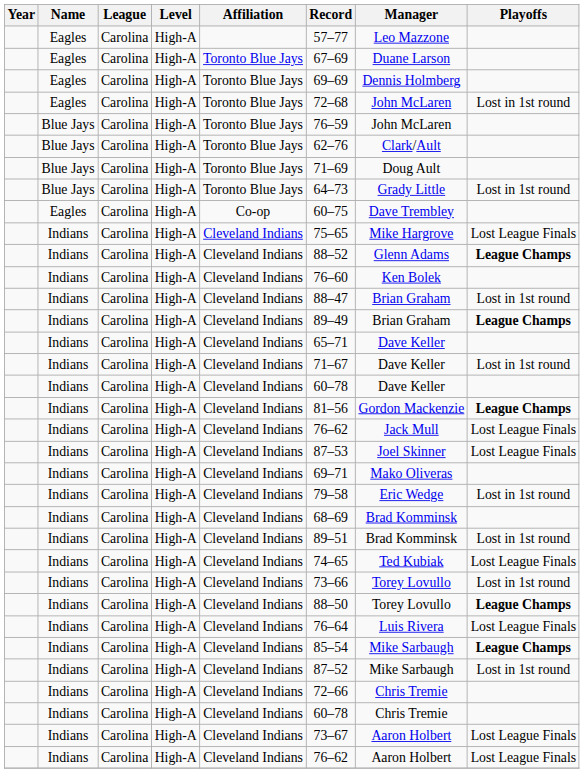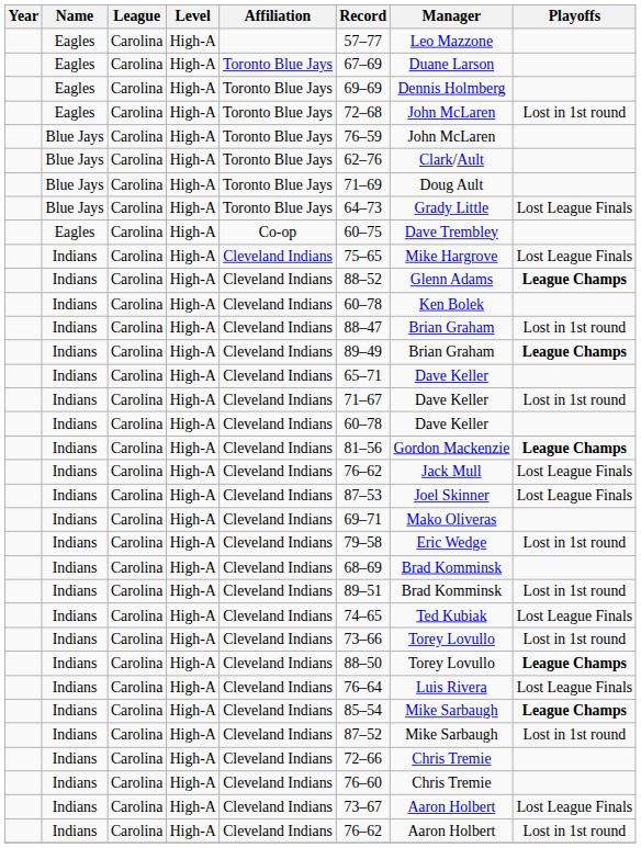 <table class="wikitable sortable">
 <tr style="background: #F2F2F2;">
 <th>Year</th>
 <th>Name</th>
 <th>League</th>
 <th>Level</th>
 <th>Affiliation</th>
 <th>Record</th>
 <th>Manager</th>
 <th>Playoffs</th>
 </tr>
 <tr align=center>
 <td></td>
 <td>Eagles</td>
 <td>Carolina</td>
 <td>High-A</td>
 <td></td>
 <td>57–77</td>
 <td><a href='#'>Leo Mazzone</a></td>
 <td></td>
 </tr>
 <tr align=center>
 <td></td>
 <td>Eagles</td>
 <td>Carolina</td>
 <td>High-A</td>
 <td><a href='#'>Toronto Blue Jays</a></td>
 <td>67–69</td>
 <td><a href='#'>Duane Larson</a></td>
 <td></td>
 </tr>
 <tr align=center>
 <td></td>
 <td>Eagles</td>
 <td>Carolina</td>
 <td>High-A</td>
 <td>Toronto Blue Jays</td>
 <td>69–69</td>
 <td><a href='#'>Dennis Holmberg</a></td>
 <td></td>
 </tr>
 <tr align=center>
 <td></td>
 <td>Eagles</td>
 <td>Carolina</td>
 <td>High-A</td>
 <td>Toronto Blue Jays</td>
 <td>72–68</td>
 <td><a href='#'>John McLaren</a></td>
 <td>Lost in 1st round</td>
 </tr>
 <tr align=center>
 <td></td>
 <td>Blue Jays</td>
 <td>Carolina</td>
 <td>High-A</td>
 <td>Toronto Blue Jays</td>
 <td>76–59</td>
 <td>John McLaren</td>
 <td></td>
 </tr>
 <tr align=center>
 <td></td>
 <td>Blue Jays</td>
 <td>Carolina</td>
 <td>High-A</td>
 <td>Toronto Blue Jays</td>
 <td>62–76</td>
 <td><a href='#'>Clark</a>/<a href='#'>Ault</a></td>
 <td></td>
 </tr>
 <tr align=center>
 <td></td>
 <td>Blue Jays</td>
 <td>Carolina</td>
 <td>High-A</td>
 <td>Toronto Blue Jays</td>
 <td>71–69</td>
 <td>Doug Ault</td>
 <td></td>
 </tr>
 <tr align=center>
 <td></td>
 <td>Blue Jays</td>
 <td>Carolina</td>
 <td>High-A</td>
 <td>Toronto Blue Jays</td>
 <td>64–73</td>
 <td><a href='#'>Grady Little</a></td>
-<td>Lost in 1st round</td>
+<td>Lost League Finals</td>
 </tr>
 <tr align=center>
 <td></td>
 <td>Eagles</td>
 <td>Carolina</td>
 <td>High-A</td>
 <td>Co-op</td>
 <td>60–75</td>
 <td><a href='#'>Dave Trembley</a></td>
 <td></td>
 </tr>
 <tr align=center>
 <td></td>
 <td>Indians</td>
 <td>Carolina</td>
 <td>High-A</td>
 <td><a href='#'>Cleveland Indians</a></td>
 <td>75–65</td>
 <td><a href='#'>Mike Hargrove</a></td>
 <td>Lost League Finals</td>
 </tr>
 <tr align=center>
 <td></td>
 <td>Indians</td>
 <td>Carolina</td>
 <td>High-A</td>
 <td>Cleveland Indians</td>
 <td>88–52</td>
 <td><a href='#'>Glenn Adams</a></td>
 <td><strong>League Champs</strong></td>
 </tr>
 <tr align=center>
 <td></td>
 <td>Indians</td>
 <td>Carolina</td>
 <td>High-A</td>
 <td>Cleveland Indians</td>
-<td>76–60</td>
+<td>60–78</td>
 <td><a href='#'>Ken Bolek</a></td>
 <td></td>
 </tr>
 <tr align=center>
 <td></td>
 <td>Indians</td>
 <td>Carolina</td>
 <td>High-A</td>
 <td>Cleveland Indians</td>
 <td>88–47</td>
 <td><a href='#'>Brian Graham</a></td>
 <td>Lost in 1st round</td>
 </tr>
 <tr align=center>
 <td></td>
 <td>Indians</td>
 <td>Carolina</td>
 <td>High-A</td>
 <td>Cleveland Indians</td>
 <td>89–49</td>
 <td>Brian Graham</td>
 <td><strong>League Champs</strong></td>
 </tr>
 <tr align=center>
 <td></td>
 <td>Indians</td>
 <td>Carolina</td>
 <td>High-A</td>
 <td>Cleveland Indians</td>
 <td>65–71</td>
 <td><a href='#'>Dave Keller</a></td>
 <td></td>
 </tr>
 <tr align=center>
 <td></td>
 <td>Indians</td>
 <td>Carolina</td>
 <td>High-A</td>
 <td>Cleveland Indians</td>
 <td>71–67</td>
 <td>Dave Keller</td>
 <td>Lost in 1st round</td>
 </tr>
 <tr align=center>
 <td></td>
 <td>Indians</td>
 <td>Carolina</td>
 <td>High-A</td>
 <td>Cleveland Indians</td>
 <td>60–78</td>
 <td>Dave Keller</td>
 <td></td>
 </tr>
 <tr align=center>
 <td></td>
 <td>Indians</td>
 <td>Carolina</td>
 <td>High-A</td>
 <td>Cleveland Indians</td>
 <td>81–56</td>
 <td><a href='#'>Gordon Mackenzie</a></td>
 <td><strong>League Champs</strong></td>
 </tr>
 <tr align=center>
 <td></td>
 <td>Indians</td>
 <td>Carolina</td>
 <td>High-A</td>
 <td>Cleveland Indians</td>
 <td>76–62</td>
 <td><a href='#'>Jack Mull</a></td>
 <td>Lost League Finals</td>
 </tr>
 <tr align=center>
 <td></td>
 <td>Indians</td>
 <td>Carolina</td>
 <td>High-A</td>
 <td>Cleveland Indians</td>
 <td>87–53</td>
 <td><a href='#'>Joel Skinner</a></td>
 <td>Lost League Finals</td>
 </tr>
 <tr align=center>
 <td></td>
 <td>Indians</td>
 <td>Carolina</td>
 <td>High-A</td>
 <td>Cleveland Indians</td>
 <td>69–71</td>
 <td><a href='#'>Mako Oliveras</a></td>
 <td></td>
 </tr>
 <tr align=center>
 <td></td>
 <td>Indians</td>
 <td>Carolina</td>
 <td>High-A</td>
 <td>Cleveland Indians</td>
 <td>79–58</td>
 <td><a href='#'>Eric Wedge</a></td>
 <td>Lost in 1st round</td>
 </tr>
 <tr align=center>
 <td></td>
 <td>Indians</td>
 <td>Carolina</td>
 <td>High-A</td>
 <td>Cleveland Indians</td>
 <td>68–69</td>
 <td><a href='#'>Brad Komminsk</a></td>
 <td></td>
 </tr>
 <tr align=center>
 <td></td>
 <td>Indians</td>
 <td>Carolina</td>
 <td>High-A</td>
 <td>Cleveland Indians</td>
 <td>89–51</td>
 <td>Brad Komminsk</td>
 <td>Lost in 1st round</td>
 </tr>
 <tr align=center>
 <td></td>
 <td>Indians</td>
 <td>Carolina</td>
 <td>High-A</td>
 <td>Cleveland Indians</td>
 <td>74–65</td>
 <td><a href='#'>Ted Kubiak</a></td>
 <td>Lost League Finals</td>
 </tr>
 <tr align=center>
 <td></td>
 <td>Indians</td>
 <td>Carolina</td>
 <td>High-A</td>
 <td>Cleveland Indians</td>
 <td>73–66</td>
 <td><a href='#'>Torey Lovullo</a></td>
 <td>Lost in 1st round</td>
 </tr>
 <tr align=center>
 <td></td>
 <td>Indians</td>
 <td>Carolina</td>
 <td>High-A</td>
 <td>Cleveland Indians</td>
 <td>88–50</td>
 <td>Torey Lovullo</td>
 <td><strong>League Champs</strong></td>
 </tr>
 <tr align=center>
 <td></td>
 <td>Indians</td>
 <td>Carolina</td>
 <td>High-A</td>
 <td>Cleveland Indians</td>
 <td>76–64</td>
 <td><a href='#'>Luis Rivera</a></td>
 <td>Lost League Finals</td>
 </tr>
 <tr align=center>
 <td></td>
 <td>Indians</td>
 <td>Carolina</td>
 <td>High-A</td>
 <td>Cleveland Indians</td>
 <td>85–54</td>
 <td><a href='#'>Mike Sarbaugh</a></td>
 <td><strong>League Champs</strong></td>
 </tr>
 <tr align=center>
 <td></td>
 <td>Indians</td>
 <td>Carolina</td>
 <td>High-A</td>
 <td>Cleveland Indians</td>
 <td>87–52</td>
 <td>Mike Sarbaugh</td>
 <td>Lost in 1st round</td>
 </tr>
 <tr align=center>
 <td></td>
 <td>Indians</td>
 <td>Carolina</td>
 <td>High-A</td>
 <td>Cleveland Indians</td>
 <td>72–66</td>
 <td><a href='#'>Chris Tremie</a></td>
 <td></td>
 </tr>
 <tr align=center>
 <td></td>
 <td>Indians</td>
 <td>Carolina</td>
 <td>High-A</td>
 <td>Cleveland Indians</td>
-<td>60–78</td>
+<td>76–60</td>
 <td>Chris Tremie</td>
 <td></td>
 </tr>
 <tr align=center>
 <td></td>
 <td>Indians</td>
 <td>Carolina</td>
 <td>High-A</td>
 <td>Cleveland Indians</td>
 <td>73–67</td>
 <td><a href='#'>Aaron Holbert</a></td>
 <td>Lost League Finals</td>
 </tr>
 <tr align=center>
 <td></td>
 <td>Indians</td>
 <td>Carolina</td>
 <td>High-A</td>
 <td>Cleveland Indians</td>
 <td>76–62</td>
 <td>Aaron Holbert</td>
-<td>Lost League Finals</td>
+<td>Lost in 1st round</td>
 </tr>
 <tr align=center>
 </tr>
 </table>
